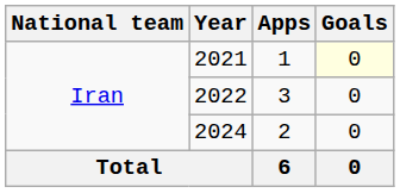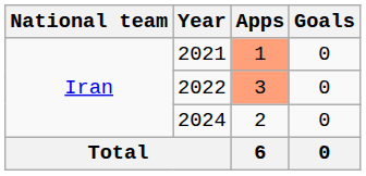 <table class="wikitable" style="text-align:center">
 <tr>
 <th>National team</th>
 <th>Year</th>
 <th>Apps</th>
 <th>Goals</th>
 </tr>
 <tr>
 <td rowspan="3"><a href='#'>Iran</a></td>
 <td>2021</td>
-<td>1</td>
-<td style="background: lightyellow;">0</td>
+<td style="background: lightsalmon;">1</td>
+<td>0</td>
 </tr>
 <tr>
 <td>2022</td>
-<td>3</td>
+<td style="background: lightsalmon;">3</td>
 <td>0</td>
 </tr>
 <tr>
 <td>2024</td>
 <td>2</td>
 <td>0</td>
 </tr>
 <tr>
 <th colspan="2">Total</th>
 <th>6</th>
 <th>0</th>
 </tr>
 </table>
